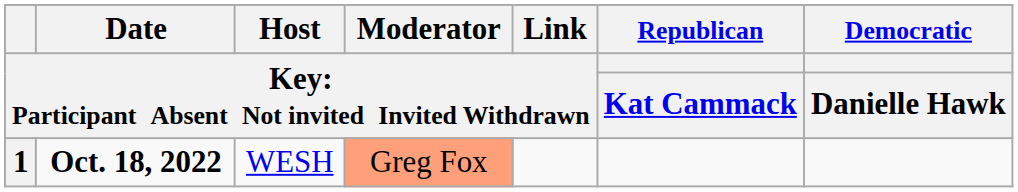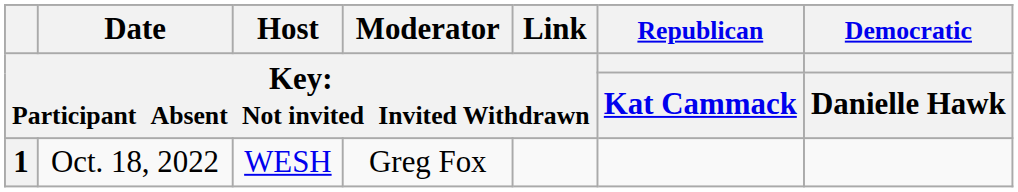 <table class="wikitable" style="text-align:center;">
 <tr>
 <th scope="col"></th>
 <th scope="col">Date</th>
 <th scope="col">Host</th>
 <th scope="col">Moderator</th>
 <th scope="col">Link</th>
 <th scope="col"><small><a href='#'>Republican</a></small></th>
 <th scope="col"><small><a href='#'>Democratic</a></small></th>
 </tr>
 <tr>
 <th colspan="5" rowspan="2">Key:<br> <small>Participant </small>  <small>Absent </small>  <small>Not invited </small>  <small>Invited  Withdrawn</small></th>
 <th scope="col" style="background:"></th>
 <th scope="col" style="background:"></th>
 </tr>
 <tr>
 <th scope="col"><a href='#'>Kat Cammack</a></th>
 <th scope="col">Danielle Hawk</th>
 </tr>
 <tr>
 <th>1</th>
-<td style="white-space:nowrap;"><strong>Oct. 18, 2022</strong></td>
+<td style="white-space:nowrap;">Oct. 18, 2022</td>
 <td style="white-space:nowrap;"><a href='#'>WESH</a></td>
-<td style="background: lightsalmon; white-space:nowrap;">Greg Fox</td>
+<td style="white-space:nowrap;">Greg Fox</td>
 <td style="white-space:nowrap;"></td>
 <td></td>
 <td></td>
 </tr>
 </table>
